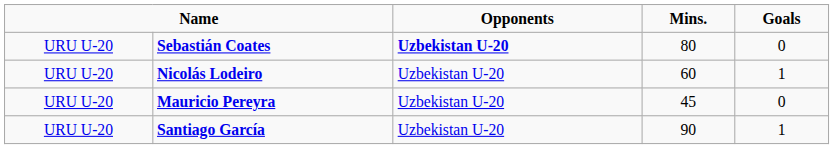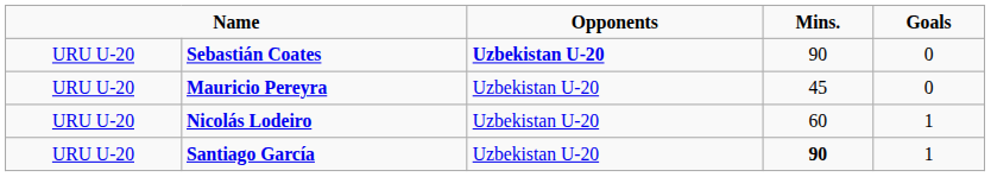 <table class= width=90% border="2" cellpadding="4" cellspacing="0" style="text-align=center: 1em 1em 1em 0; background: #f9f9f9; border: 1px #aaa solid; border-collapse: collapse; font-size: 95%;">
 <tr>
 <th width=25% colspan=2>Name</th>
 <th width=16%>Opponents</th>
 <th width=6%>Mins.</th>
 <th width=6%>Goals</th>
 </tr>
 <tr>
 <td align=center> <a href='#'>URU U-20</a></td>
 <td><strong><a href='#'>Sebastián Coates</a></strong></td>
 <td><strong> <a href='#'>Uzbekistan U-20</a></strong></td>
-<td align=center>80</td>
+<td align=center>90</td>
+<td align=center>0</td>
+</tr>
+<tr>
+<td align=center> <a href='#'>URU U-20</a></td>
+<td><strong><a href='#'>Mauricio Pereyra</a></strong></td>
+<td> <a href='#'>Uzbekistan U-20</a></td>
+<td align=center>45</td>
 <td align=center>0</td>
 </tr>
 <tr>
 <td align=center> <a href='#'>URU U-20</a></td>
 <td><strong><a href='#'>Nicolás Lodeiro</a></strong></td>
 <td> <a href='#'>Uzbekistan U-20</a></td>
 <td align=center>60</td>
 <td align=center>1</td>
 </tr>
 <tr>
 <td align=center> <a href='#'>URU U-20</a></td>
-<td><strong><a href='#'>Mauricio Pereyra</a></strong></td>
-<td> <a href='#'>Uzbekistan U-20</a></td>
-<td align=center>45</td>
-<td align=center>0</td>
-</tr>
-<tr>
-<td align=center> <a href='#'>URU U-20</a></td>
 <td><strong><a href='#'>Santiago García</a></strong></td>
 <td> <a href='#'>Uzbekistan U-20</a></td>
-<td align=center>90</td>
+<td align=center><strong>90</strong></td>
 <td align=center>1</td>
 </tr>
 </table>
